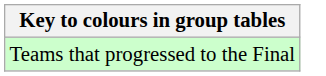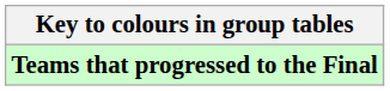 <table class="wikitable">
 <tr>
 <th>Key to colours in group tables</th>
 </tr>
 <tr bgcolor=#ccffcc>
-<td>Teams that progressed to the Final</td>
+<td><strong>Teams that progressed to the Final</strong></td>
 </tr>
 </table>
